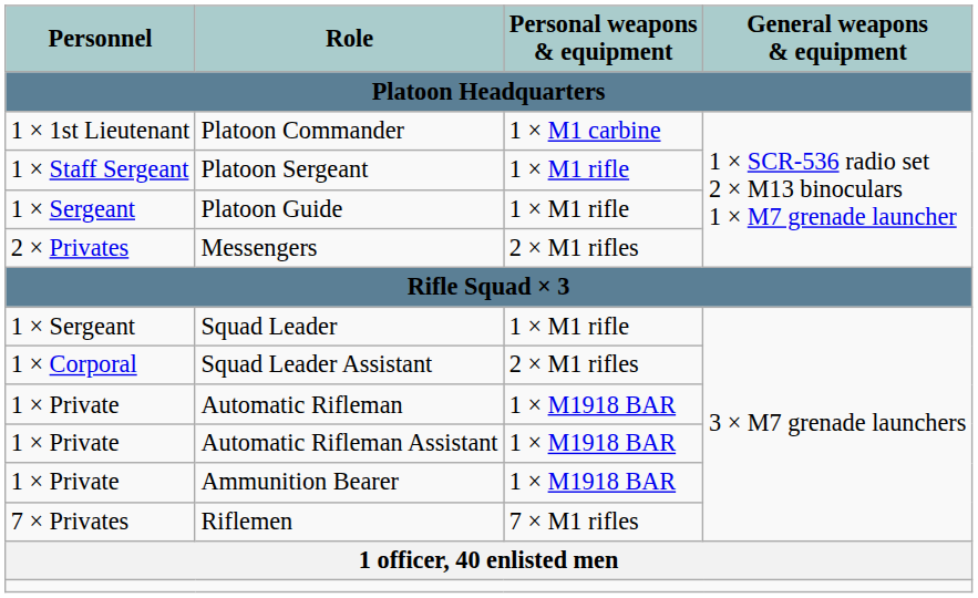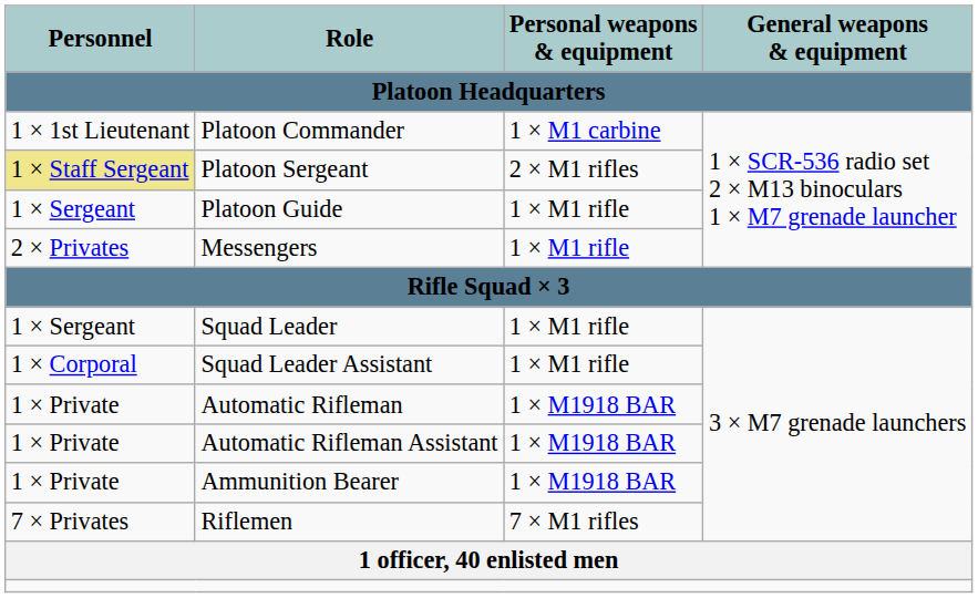 <table class="wikitable mw-collapsible mw-collapsed" style="display: inline-table;">
 <tr>
 <th style="text-align:center; background:#acc;">Personnel</th>
 <th style="text-align:center; background:#acc;">Role</th>
 <th style="text-align:l center; background:#acc;">Personal weapons<br>& equipment</th>
 <th style="text-align:l center; background:#acc;">General weapons<br>& equipment</th>
 </tr>
 <tr>
 <th scope="col" colspan="6" style="align: center; background: #5B7F95">Platoon Headquarters</th>
 </tr>
 <tr>
 <td>1 × 1st Lieutenant</td>
 <td>Platoon Commander</td>
 <td>1 × <a href='#'>M1 carbine</a></td>
 <td rowspan="4" style="center">1 × <a href='#'>SCR-536</a> radio set<br>2 × M13 binoculars<br>1 × <a href='#'>M7 grenade launcher</a></td>
 </tr>
 <tr>
-<td>1 × <a href='#'>Staff Sergeant</a></td>
+<td style="background: khaki;">1 × <a href='#'>Staff Sergeant</a></td>
 <td>Platoon Sergeant</td>
-<td>1 × <a href='#'>M1 rifle</a></td>
+<td>2 × M1 rifles</td>
 </tr>
 <tr>
 <td>1 × <a href='#'>Sergeant</a></td>
 <td>Platoon Guide</td>
 <td>1 × M1 rifle</td>
 </tr>
 <tr>
 <td>2 × <a href='#'>Privates</a></td>
 <td>Messengers</td>
-<td>2 × M1 rifles</td>
+<td>1 × <a href='#'>M1 rifle</a></td>
 </tr>
 <tr>
 <th scope="col" colspan="6" style="align: center; background: #5B7F95">Rifle Squad × 3</th>
 </tr>
 <tr>
 <td>1 × Sergeant</td>
 <td>Squad Leader</td>
 <td>1 × M1 rifle</td>
 <td rowspan="6">3 × M7 grenade launchers</td>
 </tr>
 <tr>
 <td>1 × <a href='#'>Corporal</a></td>
 <td>Squad Leader Assistant</td>
-<td>2 × M1 rifles</td>
+<td>1 × M1 rifle</td>
 </tr>
 <tr>
 <td>1 × Private</td>
 <td>Automatic Rifleman</td>
 <td>1 × <a href='#'>M1918 BAR</a></td>
 </tr>
 <tr>
 <td>1 × Private</td>
 <td>Automatic Rifleman Assistant</td>
 <td>1 × <a href='#'>M1918 BAR</a></td>
 </tr>
 <tr>
 <td>1 × Private</td>
 <td>Ammunition Bearer</td>
 <td>1 × <a href='#'>M1918 BAR</a></td>
 </tr>
 <tr>
 <td>7 × Privates</td>
 <td>Riflemen</td>
 <td>7 × M1 rifles</td>
 </tr>
 <tr>
 <th colspan="4" style="background: light blue;">1 officer, 40 enlisted men</th>
 </tr>
 <tr>
 <td colspan="5"></td>
 </tr>
 </table>
